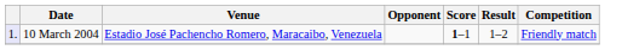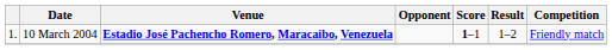 <table class="wikitable">
 <tr>
 <th></th>
 <th>Date</th>
 <th>Venue</th>
 <th>Opponent</th>
 <th>Score</th>
 <th>Result</th>
 <th>Competition</th>
 </tr>
 <tr>
-<td align="center" style="background: lavender;">1.</td>
+<td align="center">1.</td>
 <td>10 March 2004</td>
-<td><a href='#'>Estadio José Pachencho Romero</a>, <a href='#'>Maracaibo</a>, <a href='#'>Venezuela</a></td>
+<td><strong><a href='#'>Estadio José Pachencho Romero</a>, <a href='#'>Maracaibo</a>, <a href='#'>Venezuela</a></strong></td>
 <td></td>
 <td align="center"><strong>1</strong>–1</td>
 <td align="center">1–2</td>
 <td><a href='#'>Friendly match</a></td>
 </tr>
 <tr>
 </tr>
 </table>
